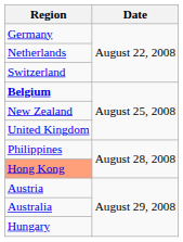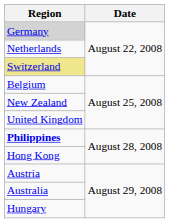 <table class="wikitable sortable">
 <tr>
 <th>Region</th>
 <th>Date</th>
 </tr>
 <tr>
-<td><a href='#'>Germany</a></td>
+<td style="background: lightgrey;"><a href='#'>Germany</a></td>
 <td rowspan="3">August 22, 2008</td>
 </tr>
 <tr>
 <td><a href='#'>Netherlands</a></td>
 </tr>
 <tr>
-<td><a href='#'>Switzerland</a></td>
+<td style="background: khaki;"><a href='#'>Switzerland</a></td>
 </tr>
 <tr>
-<td><strong><a href='#'>Belgium</a></strong></td>
+<td><a href='#'>Belgium</a></td>
 <td rowspan="3">August 25, 2008</td>
 </tr>
 <tr>
 <td><a href='#'>New Zealand</a></td>
 </tr>
 <tr>
 <td><a href='#'>United Kingdom</a></td>
 </tr>
 <tr>
-<td><a href='#'>Philippines</a></td>
+<td><strong><a href='#'>Philippines</a></strong></td>
 <td rowspan="2">August 28, 2008</td>
 </tr>
 <tr>
-<td style="background: lightsalmon;"><a href='#'>Hong Kong</a></td>
+<td><a href='#'>Hong Kong</a></td>
 </tr>
 <tr>
 <td><a href='#'>Austria</a></td>
 <td rowspan="3">August 29, 2008</td>
 </tr>
 <tr>
 <td><a href='#'>Australia</a></td>
 </tr>
 <tr>
 <td><a href='#'>Hungary</a></td>
 </tr>
 </table>
